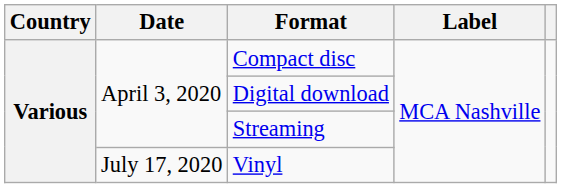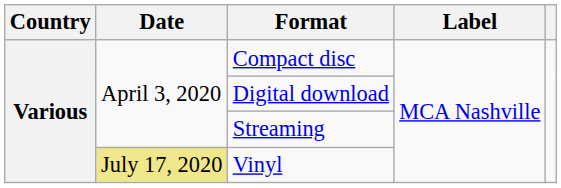 <table class="wikitable plainrowheaders">
 <tr>
 <th>Country</th>
 <th>Date</th>
 <th>Format</th>
 <th>Label</th>
 <th></th>
 </tr>
 <tr>
 <th scope="row" rowspan="4">Various</th>
 <td rowspan="3">April 3, 2020</td>
 <td><a href='#'>Compact disc</a></td>
 <td rowspan="4"><a href='#'>MCA Nashville</a></td>
 <td rowspan="4"></td>
 </tr>
 <tr>
 <td><a href='#'>Digital download</a></td>
 </tr>
 <tr>
 <td><a href='#'>Streaming</a></td>
 </tr>
 <tr>
-<td>July 17, 2020</td>
+<td style="background: khaki;">July 17, 2020</td>
 <td><a href='#'>Vinyl</a></td>
 </tr>
 </table>
